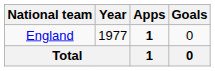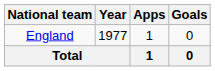 <table class=wikitable style="text-align: center">
 <tr>
 <th>National team</th>
 <th>Year</th>
 <th>Apps</th>
 <th>Goals</th>
 </tr>
 <tr>
 <td><a href='#'>England</a></td>
 <td>1977</td>
-<td><strong>1</strong></td>
+<td>1</td>
 <td>0</td>
 </tr>
 <tr>
 <th colspan=2>Total</th>
 <th>1</th>
 <th>0</th>
 </tr>
 </table>
